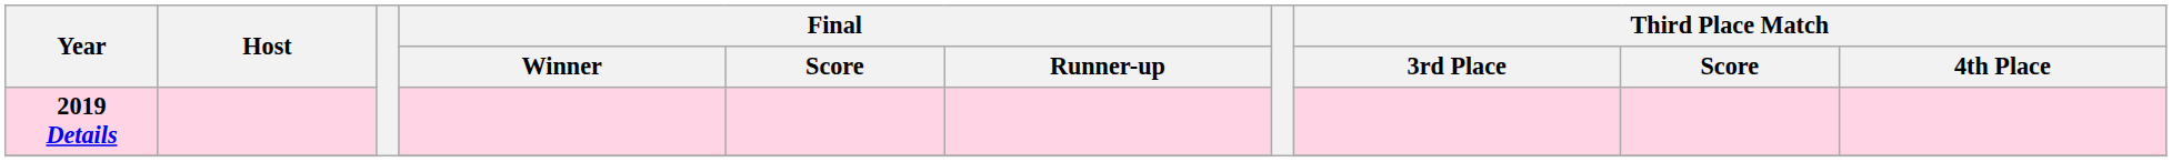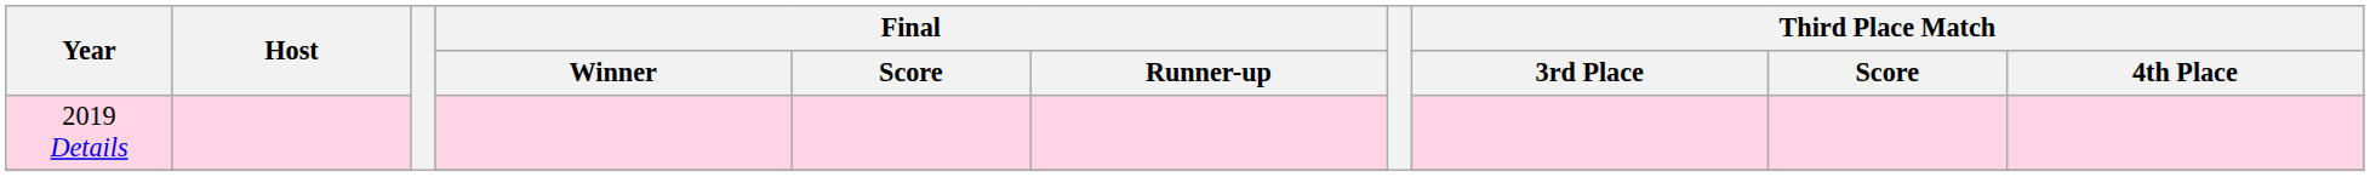 <table class="wikitable" style="font-size: 90%; text-align: center; width: 100%;">
 <tr>
 <th rowspan="2" width="7%">Year</th>
 <th rowspan="2" width="10%">Host</th>
 <th width="1%" rowspan="15"></th>
 <th colspan="3">Final</th>
 <th width="1%" rowspan="15"></th>
 <th colspan="3">Third Place Match</th>
 </tr>
 <tr>
 <th width="15%">Winner</th>
 <th width="10%">Score</th>
 <th width="15%">Runner-up</th>
 <th width="15%">3rd Place</th>
 <th width="10%">Score</th>
 <th width="15%">4th Place</th>
 </tr>
 <tr align="center" bgcolor="#ffd4e4">
-<td><strong>2019<br><em><a href='#'>Details</a></em></strong></td>
+<td>2019<br><em><a href='#'>Details</a></em></td>
 <td align=left></td>
 <td><strong></strong></td>
 <td></td>
 <td></td>
 <td></td>
 <td></td>
 <td></td>
 </tr>
 <tr align="center" bgcolor="#fff0ff">
 </tr>
 </table>
